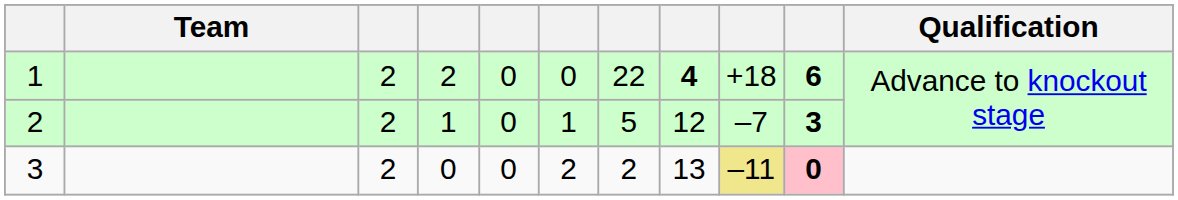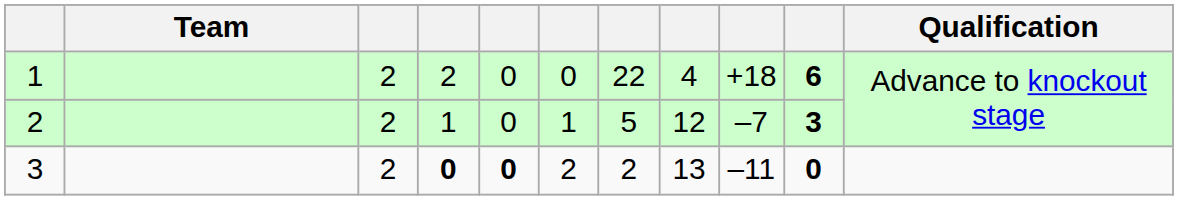 <table class="wikitable" style="text-align: center;">
 <tr>
 <th width="25"></th>
 <th width="150">Team</th>
 <th width="25"></th>
 <th width="25"></th>
 <th width="25"></th>
 <th width="25"></th>
 <th width="25"></th>
 <th width="25"></th>
 <th width="25"></th>
 <th width="25"></th>
 <th width="170">Qualification</th>
 </tr>
 <tr align=center style="background:#ccffcc;">
 <td>1</td>
 <td style="text-align:left;"></td>
 <td>2</td>
 <td>2</td>
 <td>0</td>
 <td>0</td>
 <td>22</td>
-<td><strong>4</strong></td>
+<td>4</td>
 <td>+18</td>
 <td><strong>6</strong></td>
 <td rowspan="2">Advance to <a href='#'>knockout stage</a></td>
 </tr>
 <tr align=center style="background:#ccffcc;">
 <td>2</td>
 <td style="text-align:left;"></td>
 <td>2</td>
 <td>1</td>
 <td>0</td>
 <td>1</td>
 <td>5</td>
 <td>12</td>
 <td>–7</td>
 <td><strong>3</strong></td>
 </tr>
 <tr align=center>
 <td>3</td>
 <td style="text-align:left;"></td>
 <td>2</td>
-<td>0</td>
-<td>0</td>
+<td><strong>0</strong></td>
+<td><strong>0</strong></td>
 <td>2</td>
 <td>2</td>
 <td>13</td>
-<td style="background: khaki;">–11</td>
-<td style="background: pink;"><strong>0</strong></td>
+<td>–11</td>
+<td><strong>0</strong></td>
 <td></td>
 </tr>
 </table>
